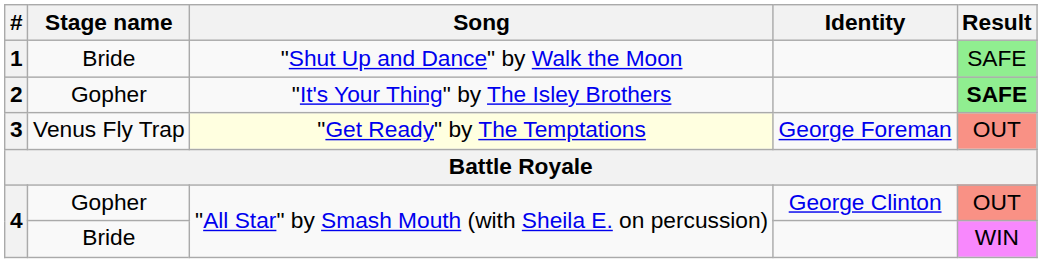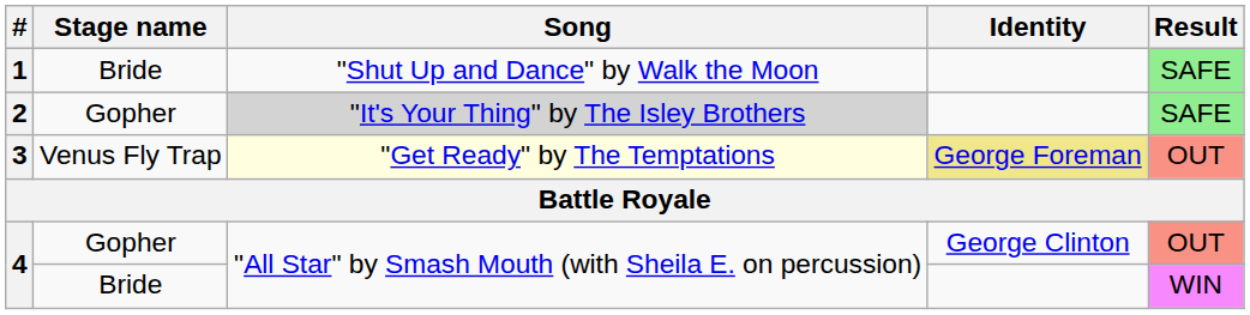 <table class="wikitable plainrowheaders" style="text-align: center;">
 <tr>
 <th>#</th>
 <th>Stage name</th>
 <th>Song</th>
 <th>Identity</th>
 <th>Result</th>
 </tr>
 <tr>
 <th>1</th>
 <td>Bride</td>
 <td>"<a href='#'>Shut Up and Dance</a>" by <a href='#'>Walk the Moon</a></td>
 <td></td>
 <td bgcolor=lightgreen>SAFE</td>
 </tr>
 <tr>
 <th>2</th>
 <td>Gopher</td>
-<td>"<a href='#'>It's Your Thing</a>" by <a href='#'>The Isley Brothers</a></td>
+<td style="background: lightgrey;">"<a href='#'>It's Your Thing</a>" by <a href='#'>The Isley Brothers</a></td>
 <td></td>
-<td bgcolor=lightgreen><strong>SAFE</strong></td>
+<td bgcolor=lightgreen>SAFE</td>
 </tr>
 <tr>
 <th>3</th>
 <td>Venus Fly Trap</td>
 <td style="background: lightyellow;">"<a href='#'>Get Ready</a>" by <a href='#'>The Temptations</a></td>
-<td><a href='#'>George Foreman</a></td>
+<td style="background: khaki;"><a href='#'>George Foreman</a></td>
 <td bgcolor=#F99185>OUT</td>
 </tr>
 <tr>
 <th colspan=5>Battle Royale</th>
 </tr>
 <tr>
 <th rowspan=2>4</th>
 <td>Gopher</td>
 <td rowspan=2>"<a href='#'>All Star</a>" by <a href='#'>Smash Mouth</a> (with <a href='#'>Sheila E.</a> on percussion)</td>
 <td><a href='#'>George Clinton</a></td>
 <td bgcolor=#F99185>OUT</td>
 </tr>
 <tr>
 <td>Bride</td>
 <td></td>
 <td bgcolor="#F888FD">WIN</td>
 </tr>
 </table>
